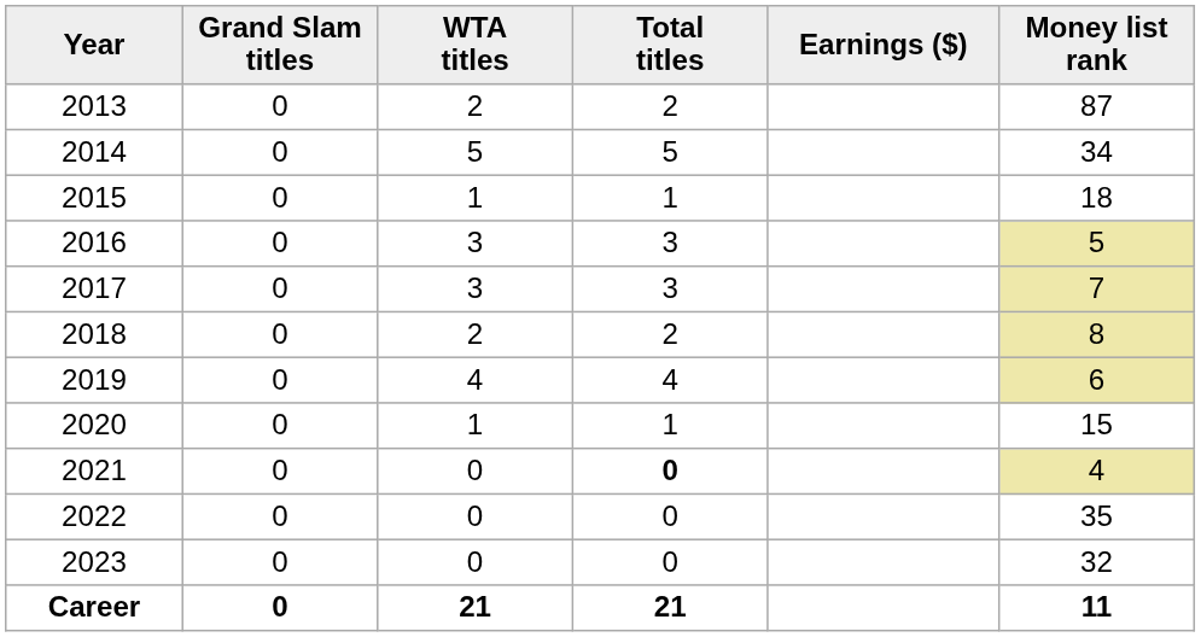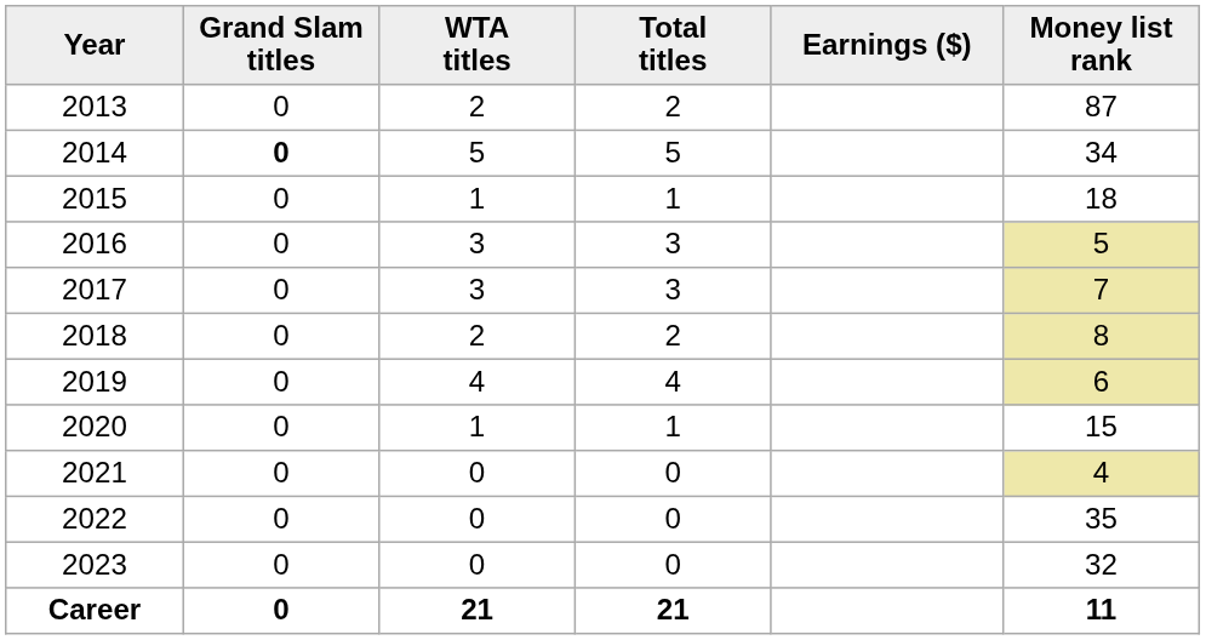 <table cellpadding=3 cellspacing=0 border=1 style=border:#aaa;solid:1px;border-collapse:collapse;text-align:center;>
 <tr style=background:#eee;font-weight:bold>
 <td width="90">Year</td>
 <td width="100">Grand Slam <br>titles</td>
 <td width="100">WTA <br>titles</td>
 <td width="100">Total <br>titles</td>
 <td width="120">Earnings ($)</td>
 <td width="100">Money list rank</td>
 </tr>
 <tr>
 <td>2013</td>
 <td>0</td>
 <td>2</td>
 <td>2</td>
 <td align="right"></td>
 <td>87</td>
 </tr>
 <tr>
 <td>2014</td>
-<td>0</td>
+<td><strong>0</strong></td>
 <td>5</td>
 <td>5</td>
 <td align="right"></td>
 <td>34</td>
 </tr>
 <tr>
 <td>2015</td>
 <td>0</td>
 <td>1</td>
 <td>1</td>
 <td align="right"></td>
 <td>18</td>
 </tr>
 <tr>
 <td>2016</td>
 <td>0</td>
 <td>3</td>
 <td>3</td>
 <td align="right"></td>
 <td bgcolor="eee8aa">5</td>
 </tr>
 <tr>
 <td>2017</td>
 <td>0</td>
 <td>3</td>
 <td>3</td>
 <td align="right"></td>
 <td bgcolor="eee8aa">7</td>
 </tr>
 <tr>
 <td>2018</td>
 <td>0</td>
 <td>2</td>
 <td>2</td>
 <td align="right"></td>
 <td bgcolor="eee8aa">8</td>
 </tr>
 <tr>
 <td>2019</td>
 <td>0</td>
 <td>4</td>
 <td>4</td>
 <td align="right"></td>
 <td bgcolor="eee8aa">6</td>
 </tr>
 <tr>
 <td>2020</td>
 <td>0</td>
 <td>1</td>
 <td>1</td>
 <td align="right"></td>
 <td>15</td>
 </tr>
 <tr>
 <td>2021</td>
 <td>0</td>
 <td>0</td>
-<td><strong>0</strong></td>
+<td>0</td>
 <td align="right"></td>
 <td bgcolor=eee8aa>4</td>
 </tr>
 <tr>
 <td>2022</td>
 <td>0</td>
 <td>0</td>
 <td>0</td>
 <td align="right"></td>
 <td>35</td>
 </tr>
 <tr>
 <td>2023</td>
 <td>0</td>
 <td>0</td>
 <td>0</td>
 <td align="right"></td>
 <td>32</td>
 </tr>
 <tr style="font-weight:bold;">
 <td>Career</td>
 <td>0</td>
 <td>21</td>
 <td>21</td>
 <td align="right"></td>
 <td>11</td>
 </tr>
 </table>
